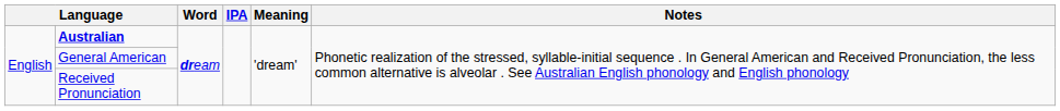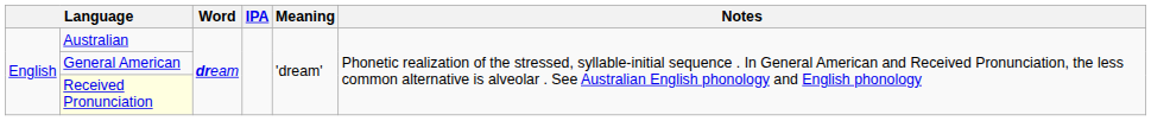 <table class="wikitable">
 <tr>
 <th colspan="2">Language</th>
 <th>Word</th>
 <th><a href='#'>IPA</a></th>
 <th>Meaning</th>
 <th>Notes</th>
 </tr>
 <tr>
 <td rowspan=3><a href='#'>English</a></td>
-<td><strong><a href='#'>Australian</a></strong></td>
+<td><a href='#'>Australian</a></td>
 <td rowspan=3><em><a href='#'><strong>dr</strong>eam</a></em></td>
 <td rowspan=3></td>
 <td rowspan=3>'dream'</td>
 <td rowspan=3>Phonetic realization of the stressed, syllable-initial sequence . In General American and Received Pronunciation, the less common alternative is alveolar . See <a href='#'>Australian English phonology</a> and <a href='#'>English phonology</a></td>
 </tr>
 <tr>
 <td><a href='#'>General American</a></td>
 </tr>
 <tr>
-<td><a href='#'>Received Pronunciation</a></td>
+<td style="background: lightyellow;"><a href='#'>Received Pronunciation</a></td>
 </tr>
 </table>
